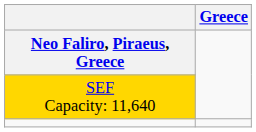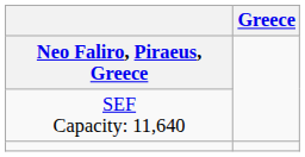 <table class="wikitable" style="text-align:center;">
 <tr>
 <th></th>
 <th><a href='#'>Greece</a></th>
 </tr>
 <tr>
 <th width=180><a href='#'>Neo Faliro</a>, <a href='#'>Piraeus</a>, <a href='#'>Greece</a></th>
 <td rowspan=2></td>
 </tr>
 <tr>
-<td style="background: gold;"><a href='#'>SEF</a><br>Capacity: 11,640</td>
+<td><a href='#'>SEF</a><br>Capacity: 11,640</td>
 </tr>
 <tr>
 <td></td>
 </tr>
 </table>
